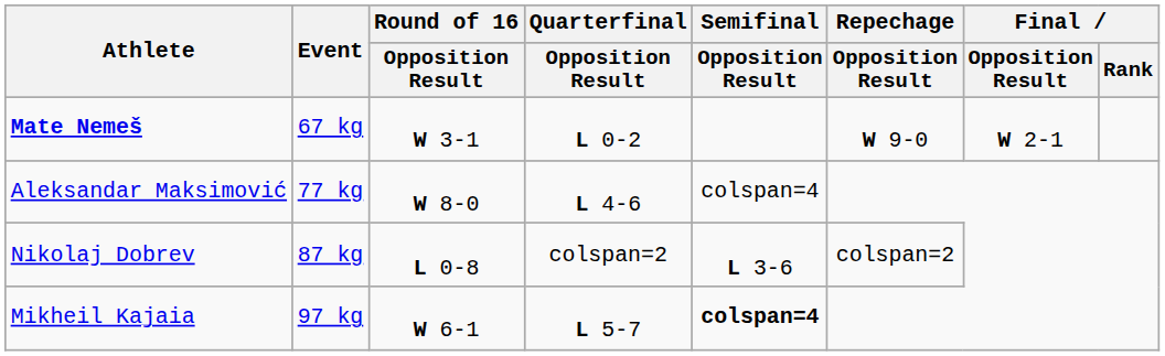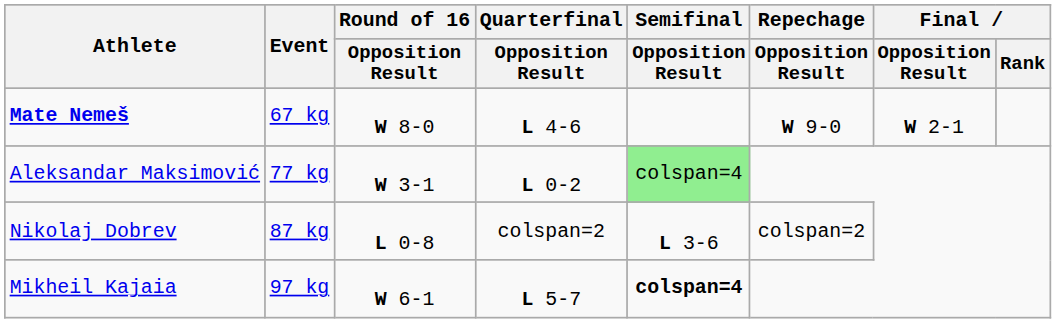 <table class="wikitable" style="font-size:90%">
 <tr>
 <th rowspan="2">Athlete</th>
 <th rowspan="2">Event</th>
 <th>Round of 16</th>
 <th>Quarterfinal</th>
 <th>Semifinal</th>
 <th>Repechage</th>
 <th colspan=2>Final / </th>
 </tr>
 <tr style="font-size: 95%">
 <th>Opposition<br>Result</th>
 <th>Opposition<br>Result</th>
 <th>Opposition<br>Result</th>
 <th>Opposition<br>Result</th>
 <th>Opposition<br>Result</th>
 <th>Rank</th>
 </tr>
 <tr align=center>
 <td align=left><strong><a href='#'>Mate Nemeš</a></strong></td>
 <td align=left><a href='#'>67 kg</a></td>
-<td><br><strong>W</strong> 3-1</td>
-<td><br><strong>L</strong> 0-2</td>
+<td><br><strong>W</strong> 8-0</td>
+<td><br><strong>L</strong> 4-6</td>
 <td></td>
 <td><br><strong>W</strong> 9-0</td>
 <td><br><strong>W</strong> 2-1</td>
 <td></td>
 </tr>
 <tr align=center>
 <td align=left><a href='#'>Aleksandar Maksimović</a></td>
 <td align=left><a href='#'>77 kg</a></td>
-<td><br><strong>W</strong> 8-0</td>
-<td><br><strong>L</strong> 4-6</td>
-<td>colspan=4 </td>
+<td><br><strong>W</strong> 3-1</td>
+<td><br><strong>L</strong> 0-2</td>
+<td style="background: lightgreen;">colspan=4 </td>
 </tr>
 <tr align=center>
 <td align=left><a href='#'>Nikolaj Dobrev</a></td>
 <td align=left><a href='#'>87 kg</a></td>
 <td><br><strong>L</strong> 0-8</td>
 <td>colspan=2 </td>
 <td><br><strong>L</strong> 3-6</td>
 <td>colspan=2 </td>
 </tr>
 <tr align=center>
 <td align=left><a href='#'>Mikheil Kajaia</a></td>
 <td align=left><a href='#'>97 kg</a></td>
 <td><br><strong>W</strong> 6-1</td>
 <td><br><strong>L</strong> 5-7</td>
 <td><strong>colspan=4 </strong></td>
 </tr>
 </table>
